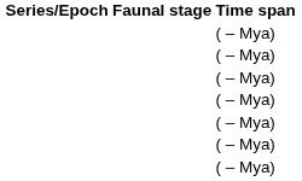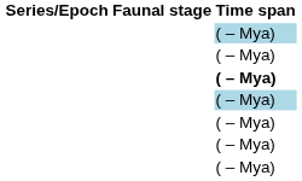 <table>
 <tr>
 <th span=col>Series/Epoch</th>
 <th span=col>Faunal stage</th>
 <th span=col>Time span</th>
 </tr>
 <tr>
 <td rowspan="3" , style="background-color: "></td>
 <td style="background-color: "></td>
-<td>(  –   Mya)</td>
+<td style="background: lightblue;">(  –   Mya)</td>
 </tr>
 <tr>
 <td style="background-color: "></td>
 <td>(  –   Mya)</td>
 </tr>
 <tr>
 <td style="background-color: "></td>
-<td>(  –   Mya)</td>
+<td><strong>(  –   Mya)</strong></td>
 </tr>
 <tr>
 <td rowspan="2" , style="background-color: "></td>
 <td style="background-color: "></td>
-<td>(  –   Mya)</td>
+<td style="background: lightblue;">(  –   Mya)</td>
 </tr>
 <tr>
 <td style="background-color: "></td>
 <td>(  –   Mya)</td>
 </tr>
 <tr>
 <td rowspan="2" , style="background-color: "></td>
 <td style="background-color: "></td>
 <td>(  –   Mya)</td>
 </tr>
 <tr>
 <td style="background-color: "></td>
 <td>(  –   Mya)</td>
 </tr>
 </table>
